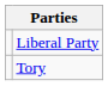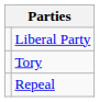 <table class="wikitable">
 <tr>
 <th colspan="2">Parties</th>
 </tr>
 <tr>
 <td style="background: "></td>
 <td><a href='#'>Liberal Party</a></td>
 </tr>
 <tr>
 <td style="background: "></td>
 <td><a href='#'>Tory</a></td>
 </tr>
+<tr>
+<td style="background: "></td>
+<td><a href='#'>Repeal</a></td>
+</tr>
 </table>
